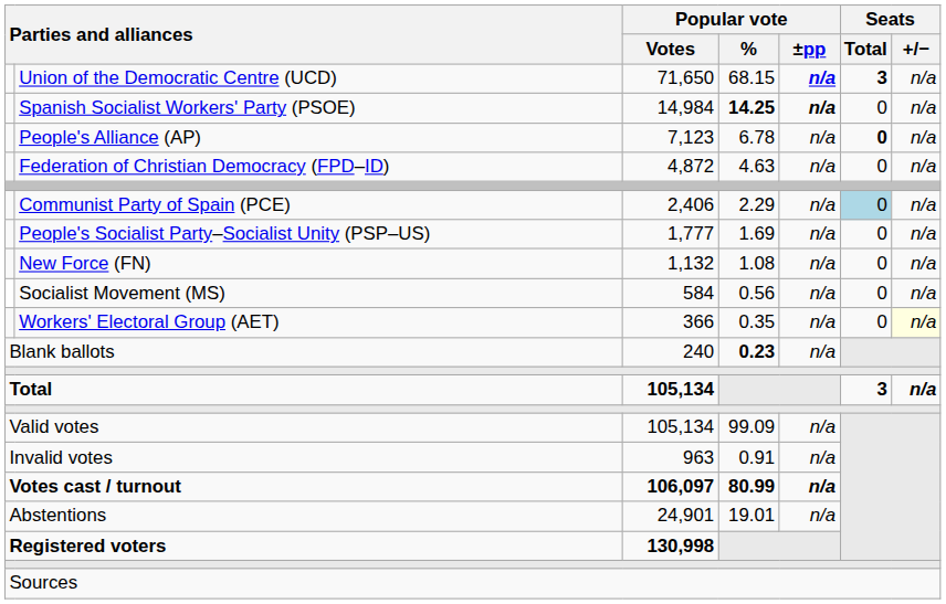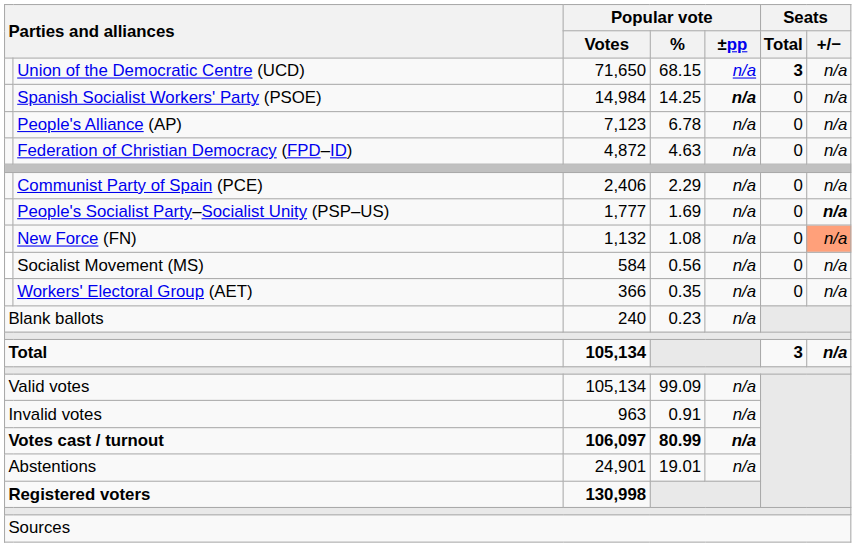 <table class="wikitable" style="text-align:right;">
 <tr>
 <th style="text-align:left;" rowspan="2" colspan="2" width="525">Parties and alliances</th>
 <th colspan="3">Popular vote</th>
 <th colspan="2">Seats</th>
 </tr>
 <tr>
 <th width="75">Votes</th>
 <th width="45">%</th>
 <th width="45">±<a href='#'>pp</a></th>
 <th width="35">Total</th>
 <th width="35">+/−</th>
 </tr>
 <tr>
 <td width="1" style="color:inherit;background:"></td>
 <td align="left"><a href='#'>Union of the Democratic Centre</a> (UCD)</td>
 <td>71,650</td>
 <td>68.15</td>
-<td><strong><em><a href='#'>n/a</a></em></strong></td>
+<td><em><a href='#'>n/a</a></em></td>
 <td><strong>3</strong></td>
 <td><em>n/a</em></td>
 </tr>
 <tr>
 <td style="color:inherit;background:"></td>
 <td align="left"><a href='#'>Spanish Socialist Workers' Party</a> (PSOE)</td>
 <td>14,984</td>
-<td><strong>14.25</strong></td>
+<td>14.25</td>
 <td><strong><em>n/a</em></strong></td>
 <td>0</td>
 <td><em>n/a</em></td>
 </tr>
 <tr>
 <td style="color:inherit;background:"></td>
 <td align="left"><a href='#'>People's Alliance</a> (AP)</td>
 <td>7,123</td>
 <td>6.78</td>
 <td><em>n/a</em></td>
-<td><strong>0</strong></td>
+<td>0</td>
 <td><em>n/a</em></td>
 </tr>
 <tr>
 <td style="color:inherit;background:"></td>
 <td align="left"><a href='#'>Federation of Christian Democracy</a> (<a href='#'>FPD</a>–<a href='#'>ID</a>)</td>
 <td>4,872</td>
 <td>4.63</td>
 <td><em>n/a</em></td>
 <td>0</td>
 <td><em>n/a</em></td>
 </tr>
 <tr>
 <td colspan="7" bgcolor="#C0C0C0"></td>
 </tr>
 <tr>
 <td style="color:inherit;background:"></td>
 <td align="left"><a href='#'>Communist Party of Spain</a> (PCE)</td>
 <td>2,406</td>
 <td>2.29</td>
 <td><em>n/a</em></td>
-<td style="background: lightblue;">0</td>
+<td>0</td>
 <td><em>n/a</em></td>
 </tr>
 <tr>
 <td style="color:inherit;background:"></td>
 <td align="left"><a href='#'>People's Socialist Party</a>–<a href='#'>Socialist Unity</a> (PSP–US)</td>
 <td>1,777</td>
 <td>1.69</td>
 <td><em>n/a</em></td>
 <td>0</td>
-<td><em>n/a</em></td>
+<td><strong><em>n/a</em></strong></td>
 </tr>
 <tr>
 <td style="color:inherit;background:"></td>
 <td align="left"><a href='#'>New Force</a> (FN)</td>
 <td>1,132</td>
 <td>1.08</td>
 <td><em>n/a</em></td>
 <td>0</td>
-<td><em>n/a</em></td>
+<td style="background: lightsalmon;"><em>n/a</em></td>
 </tr>
 <tr>
 <td bgcolor="white"></td>
 <td align="left">Socialist Movement (MS)</td>
 <td>584</td>
 <td>0.56</td>
 <td><em>n/a</em></td>
 <td>0</td>
 <td><em>n/a</em></td>
 </tr>
 <tr>
 <td style="color:inherit;background:"></td>
 <td align="left"><a href='#'>Workers' Electoral Group</a> (AET)</td>
 <td>366</td>
 <td>0.35</td>
 <td><em>n/a</em></td>
 <td>0</td>
-<td style="background: lightyellow;"><em>n/a</em></td>
+<td><em>n/a</em></td>
 </tr>
 <tr>
 <td align="left" colspan="2">Blank ballots</td>
 <td>240</td>
-<td><strong>0.23</strong></td>
+<td>0.23</td>
 <td><em>n/a</em></td>
 <td bgcolor="#E9E9E9" colspan="2"></td>
 </tr>
 <tr>
 <td colspan="7" bgcolor="#E9E9E9"></td>
 </tr>
 <tr style="font-weight:bold;">
 <td align="left" colspan="2">Total</td>
 <td>105,134</td>
 <td bgcolor="#E9E9E9" colspan="2"></td>
 <td>3</td>
 <td><em>n/a</em></td>
 </tr>
 <tr>
 <td colspan="7" bgcolor="#E9E9E9"></td>
 </tr>
 <tr>
 <td align="left" colspan="2">Valid votes</td>
 <td>105,134</td>
 <td>99.09</td>
 <td><em>n/a</em></td>
 <td bgcolor="#E9E9E9" colspan="2" rowspan="5"></td>
 </tr>
 <tr>
 <td align="left" colspan="2">Invalid votes</td>
 <td>963</td>
 <td>0.91</td>
 <td><em>n/a</em></td>
 </tr>
 <tr style="font-weight:bold;">
 <td align="left" colspan="2">Votes cast / turnout</td>
 <td>106,097</td>
 <td>80.99</td>
 <td><em>n/a</em></td>
 </tr>
 <tr>
 <td align="left" colspan="2">Abstentions</td>
 <td>24,901</td>
 <td>19.01</td>
 <td><em>n/a</em></td>
 </tr>
 <tr style="font-weight:bold;">
 <td align="left" colspan="2">Registered voters</td>
 <td>130,998</td>
 <td bgcolor="#E9E9E9" colspan="2"></td>
 </tr>
 <tr>
 <td colspan="7" bgcolor="#E9E9E9"></td>
 </tr>
 <tr>
 <td align="left" colspan="7">Sources</td>
 </tr>
 </table>
